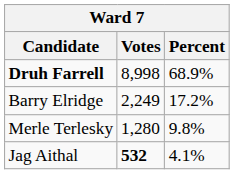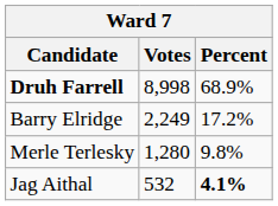 <table class="wikitable">
 <tr>
 <th colspan="3">Ward 7</th>
 </tr>
 <tr>
 <th>Candidate</th>
 <th>Votes</th>
 <th>Percent</th>
 </tr>
 <tr>
 <td><strong>Druh Farrell</strong></td>
 <td>8,998</td>
 <td>68.9%</td>
 </tr>
 <tr>
 <td>Barry Elridge</td>
 <td>2,249</td>
 <td>17.2%</td>
 </tr>
 <tr>
 <td>Merle Terlesky</td>
 <td>1,280</td>
 <td>9.8%</td>
 </tr>
 <tr>
 <td>Jag Aithal</td>
-<td><strong>532</strong></td>
-<td>4.1%</td>
+<td>532</td>
+<td><strong>4.1%</strong></td>
 </tr>
 </table>
